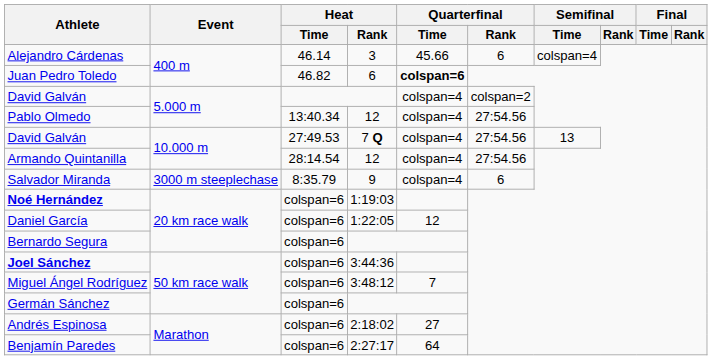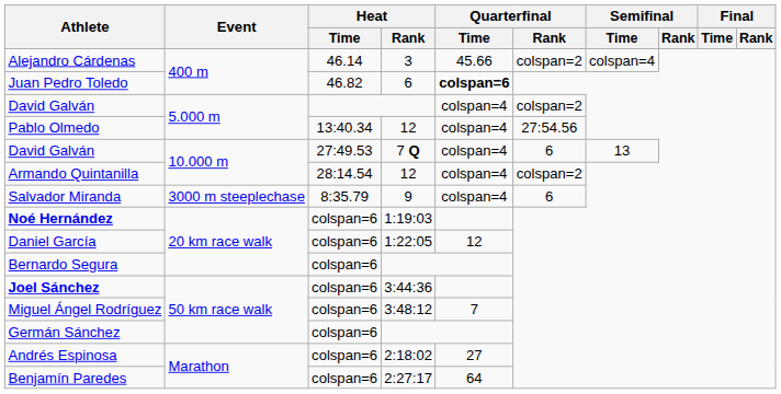 <table class=wikitable style=font-size:90%;text-align:center>
 <tr>
 <th rowspan=2>Athlete</th>
 <th rowspan=2>Event</th>
 <th colspan=2>Heat</th>
 <th colspan=2>Quarterfinal</th>
 <th colspan=2>Semifinal</th>
 <th colspan=2>Final</th>
 </tr>
 <tr style=font-size:95%>
 <th>Time</th>
 <th>Rank</th>
 <th>Time</th>
 <th>Rank</th>
 <th>Time</th>
 <th>Rank</th>
 <th>Time</th>
 <th>Rank</th>
 </tr>
 <tr>
 <td align=left><a href='#'>Alejandro Cárdenas</a></td>
 <td align=left rowspan=2><a href='#'>400 m</a></td>
 <td>46.14</td>
 <td>3</td>
 <td>45.66</td>
-<td>6</td>
+<td>colspan=2 </td>
 <td>colspan=4 </td>
 </tr>
 <tr>
 <td align=left><a href='#'>Juan Pedro Toledo</a></td>
 <td>46.82</td>
 <td>6</td>
 <td><strong>colspan=6 </strong></td>
 </tr>
 <tr>
 <td align=left><a href='#'>David Galván</a></td>
 <td align=left rowspan=2><a href='#'>5.000 m</a></td>
 <td colspan=2></td>
 <td>colspan=4 </td>
 <td>colspan=2 </td>
 </tr>
 <tr>
 <td align=left><a href='#'>Pablo Olmedo</a></td>
 <td>13:40.34</td>
 <td>12</td>
 <td>colspan=4 </td>
 <td>27:54.56</td>
 </tr>
 <tr>
 <td align=left><a href='#'>David Galván</a></td>
 <td align=left rowspan=2><a href='#'>10.000 m</a></td>
 <td>27:49.53</td>
 <td>7 <strong>Q</strong></td>
 <td>colspan=4 </td>
-<td>27:54.56</td>
+<td>6</td>
 <td>13</td>
 </tr>
 <tr>
 <td align=left><a href='#'>Armando Quintanilla</a></td>
 <td>28:14.54</td>
 <td>12</td>
 <td>colspan=4 </td>
-<td>27:54.56</td>
+<td>colspan=2 </td>
 </tr>
 <tr>
 <td align=left><a href='#'>Salvador Miranda</a></td>
 <td align=left><a href='#'>3000 m steeplechase</a></td>
 <td>8:35.79</td>
 <td>9</td>
 <td>colspan=4 </td>
 <td>6</td>
 </tr>
 <tr>
 <td align=left><strong><a href='#'>Noé Hernández</a></strong></td>
 <td align=left rowspan=3><a href='#'>20 km race walk</a></td>
 <td>colspan=6 </td>
 <td>1:19:03</td>
 <td></td>
 </tr>
 <tr>
 <td align=left><a href='#'>Daniel García</a></td>
 <td>colspan=6 </td>
 <td>1:22:05</td>
 <td>12</td>
 </tr>
 <tr>
 <td align=left><a href='#'>Bernardo Segura</a></td>
 <td>colspan=6 </td>
 <td colspan=2></td>
 </tr>
 <tr>
 <td align=left><strong><a href='#'>Joel Sánchez</a></strong></td>
 <td align=left rowspan=3><a href='#'>50 km race walk</a></td>
 <td>colspan=6 </td>
 <td>3:44:36</td>
 <td></td>
 </tr>
 <tr>
 <td align=left><a href='#'>Miguel Ángel Rodríguez</a></td>
 <td>colspan=6 </td>
 <td>3:48:12</td>
 <td>7</td>
 </tr>
 <tr>
 <td align=left><a href='#'>Germán Sánchez</a></td>
 <td>colspan=6 </td>
 <td colspan=2></td>
 </tr>
 <tr>
 <td align=left><a href='#'>Andrés Espinosa</a></td>
 <td align=left rowspan=2><a href='#'>Marathon</a></td>
 <td>colspan=6 </td>
 <td>2:18:02</td>
 <td>27</td>
 </tr>
 <tr>
 <td align=left><a href='#'>Benjamín Paredes</a></td>
 <td>colspan=6 </td>
 <td>2:27:17</td>
 <td>64</td>
 </tr>
 </table>
